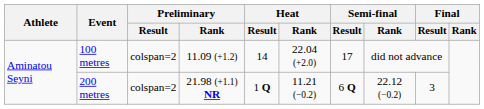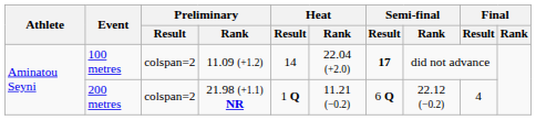 <table class=wikitable style=font-size:90%>
 <tr>
 <th rowspan=2>Athlete</th>
 <th rowspan=2>Event</th>
 <th colspan=2>Preliminary</th>
 <th colspan=2>Heat</th>
 <th colspan=2>Semi-final</th>
 <th colspan=2>Final</th>
 </tr>
 <tr style=font-size:95%>
 <th>Result</th>
 <th>Rank</th>
 <th>Result</th>
 <th>Rank</th>
 <th>Result</th>
 <th>Rank</th>
 <th>Result</th>
 <th>Rank</th>
 </tr>
 <tr align=center>
 <td align=left rowspan=2><a href='#'>Aminatou Seyni</a></td>
 <td align=left><a href='#'>100 metres</a></td>
 <td>colspan=2</td>
 <td>11.09 <small>(+1.2)</small></td>
 <td>14</td>
 <td>22.04 <small>(+2.0)</small></td>
-<td>17</td>
+<td><strong>17</strong></td>
 <td colspan=2>did not advance</td>
 </tr>
 <tr align=center>
 <td align=left><a href='#'>200 metres</a></td>
 <td>colspan=2</td>
 <td>21.98 <small>(+1.1)</small> <strong><a href='#'>NR</a></strong></td>
 <td>1 <strong>Q</strong></td>
 <td>11.21 <small>(−0.2)</small></td>
 <td>6 <strong>Q</strong></td>
 <td>22.12 <small>(−0.2)</small></td>
-<td>3</td>
+<td>4</td>
 </tr>
 </table>
